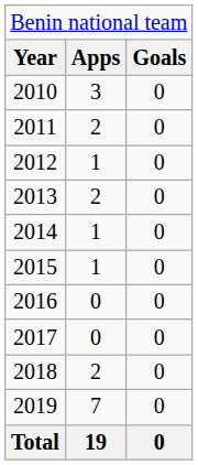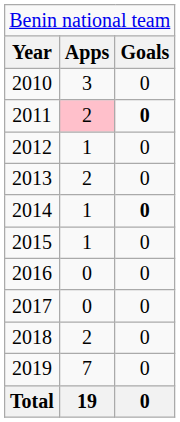 <table class="wikitable" style="text-align:center">
 <tr>
 <td colspan="3"><a href='#'>Benin national team</a></td>
 </tr>
 <tr>
 <th>Year</th>
 <th>Apps</th>
 <th>Goals</th>
 </tr>
 <tr>
 <td>2010</td>
 <td>3</td>
 <td>0</td>
 </tr>
 <tr>
 <td>2011</td>
-<td>2</td>
-<td>0</td>
+<td style="background: pink;">2</td>
+<td><strong>0</strong></td>
 </tr>
 <tr>
 <td>2012</td>
 <td>1</td>
 <td>0</td>
 </tr>
 <tr>
 <td>2013</td>
 <td>2</td>
 <td>0</td>
 </tr>
 <tr>
 <td>2014</td>
 <td>1</td>
-<td>0</td>
+<td><strong>0</strong></td>
 </tr>
 <tr>
 <td>2015</td>
 <td>1</td>
 <td>0</td>
 </tr>
 <tr>
 <td>2016</td>
 <td>0</td>
 <td>0</td>
 </tr>
 <tr>
 <td>2017</td>
 <td>0</td>
 <td>0</td>
 </tr>
 <tr>
 <td>2018</td>
 <td>2</td>
 <td>0</td>
 </tr>
 <tr>
 <td>2019</td>
 <td>7</td>
 <td>0</td>
 </tr>
 <tr>
 <th>Total</th>
 <th>19</th>
 <th>0</th>
 </tr>
 </table>
